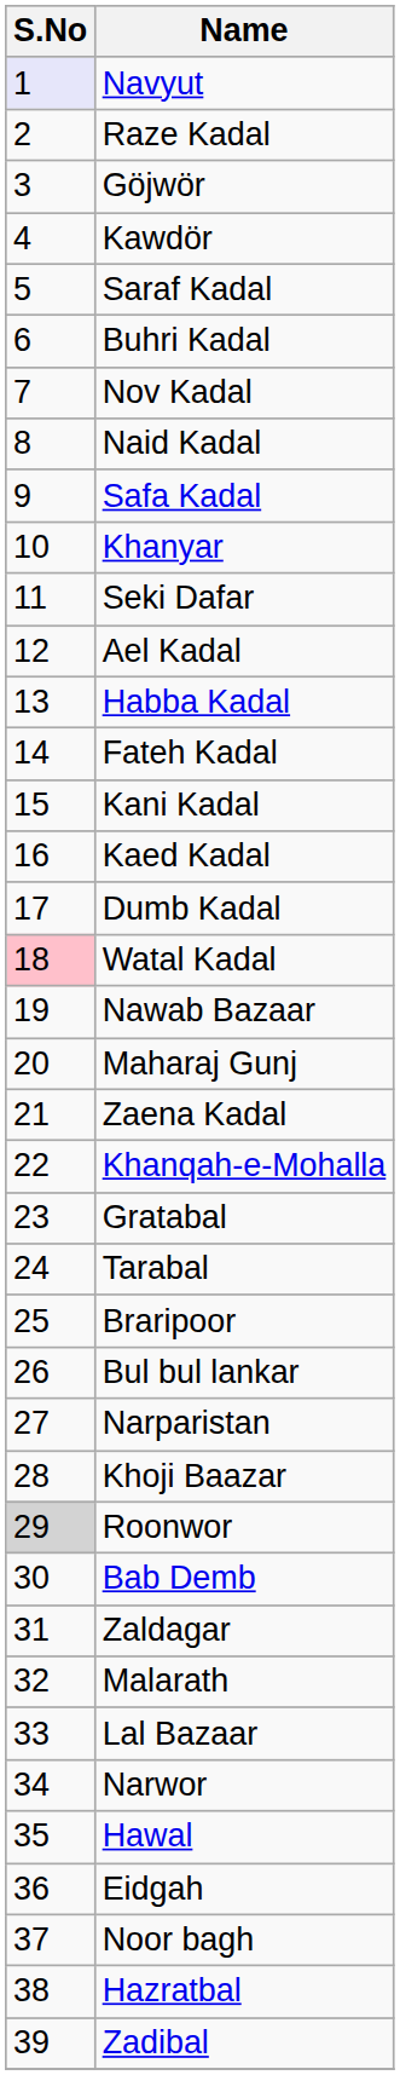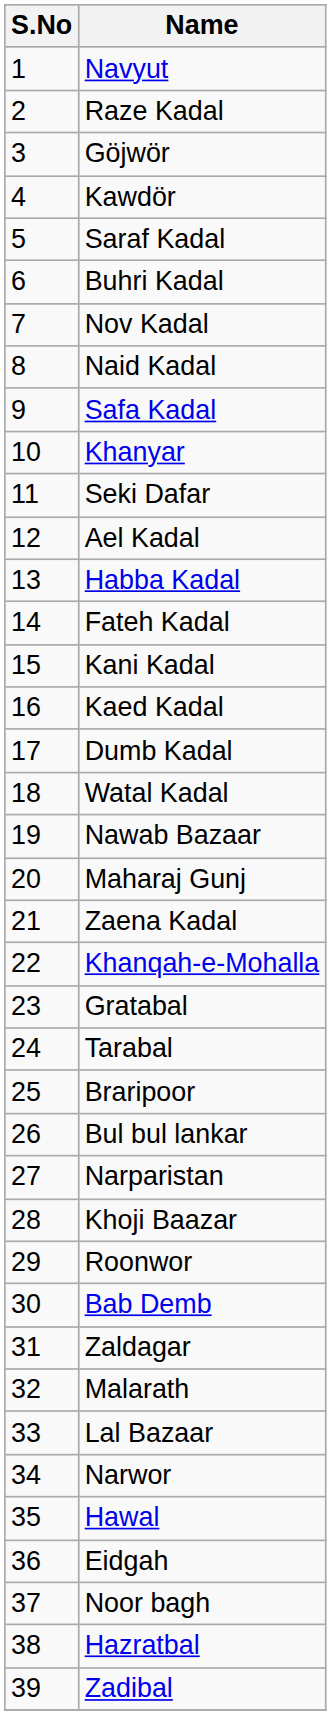 <table class="wikitable">
 <tr>
 <th>S.No</th>
 <th>Name</th>
 </tr>
 <tr>
-<td style="background: lavender;">1</td>
+<td>1</td>
 <td><a href='#'>Navyut</a></td>
 </tr>
 <tr>
 <td>2</td>
 <td>Raze Kadal</td>
 </tr>
 <tr>
 <td>3</td>
 <td>Göjwör</td>
 </tr>
 <tr>
 <td>4</td>
 <td>Kawdör</td>
 </tr>
 <tr>
 <td>5</td>
 <td>Saraf Kadal</td>
 </tr>
 <tr>
 <td>6</td>
 <td>Buhri Kadal</td>
 </tr>
 <tr>
 <td>7</td>
 <td>Nov Kadal</td>
 </tr>
 <tr>
 <td>8</td>
 <td>Naid Kadal</td>
 </tr>
 <tr>
 <td>9</td>
 <td><a href='#'>Safa Kadal</a></td>
 </tr>
 <tr>
 <td>10</td>
 <td><a href='#'>Khanyar</a></td>
 </tr>
 <tr>
 <td>11</td>
 <td>Seki Dafar</td>
 </tr>
 <tr>
 <td>12</td>
 <td>Ael Kadal</td>
 </tr>
 <tr>
 <td>13</td>
 <td><a href='#'>Habba Kadal</a></td>
 </tr>
 <tr>
 <td>14</td>
 <td>Fateh Kadal</td>
 </tr>
 <tr>
 <td>15</td>
 <td>Kani Kadal</td>
 </tr>
 <tr>
 <td>16</td>
 <td>Kaed Kadal</td>
 </tr>
 <tr>
 <td>17</td>
 <td>Dumb Kadal</td>
 </tr>
 <tr>
-<td style="background: pink;">18</td>
+<td>18</td>
 <td>Watal Kadal</td>
 </tr>
 <tr>
 <td>19</td>
 <td>Nawab Bazaar</td>
 </tr>
 <tr>
 <td>20</td>
 <td>Maharaj Gunj</td>
 </tr>
 <tr>
 <td>21</td>
 <td>Zaena Kadal</td>
 </tr>
 <tr>
 <td>22</td>
 <td><a href='#'>Khanqah-e-Mohalla</a></td>
 </tr>
 <tr>
 <td>23</td>
 <td>Gratabal</td>
 </tr>
 <tr>
 <td>24</td>
 <td>Tarabal</td>
 </tr>
 <tr>
 <td>25</td>
 <td>Braripoor</td>
 </tr>
 <tr>
 <td>26</td>
 <td>Bul bul lankar</td>
 </tr>
 <tr>
 <td>27</td>
 <td>Narparistan</td>
 </tr>
 <tr>
 <td>28</td>
 <td>Khoji Baazar</td>
 </tr>
 <tr>
-<td style="background: lightgrey;">29</td>
+<td>29</td>
 <td>Roonwor</td>
 </tr>
 <tr>
 <td>30</td>
 <td><a href='#'>Bab Demb</a></td>
 </tr>
 <tr>
 <td>31</td>
 <td>Zaldagar</td>
 </tr>
 <tr>
 <td>32</td>
 <td>Malarath</td>
 </tr>
 <tr>
 <td>33</td>
 <td>Lal Bazaar</td>
 </tr>
 <tr>
 <td>34</td>
 <td>Narwor</td>
 </tr>
 <tr>
 <td>35</td>
 <td><a href='#'>Hawal</a></td>
 </tr>
 <tr>
 <td>36</td>
 <td>Eidgah</td>
 </tr>
 <tr>
 <td>37</td>
 <td>Noor bagh</td>
 </tr>
 <tr>
 <td>38</td>
 <td><a href='#'>Hazratbal</a></td>
 </tr>
 <tr>
 <td>39</td>
 <td><a href='#'> Zadibal</a></td>
 </tr>
 <tr>
 </tr>
 <tr 40 ||>
 </tr>
 <tr>
 </tr>
 </table>
